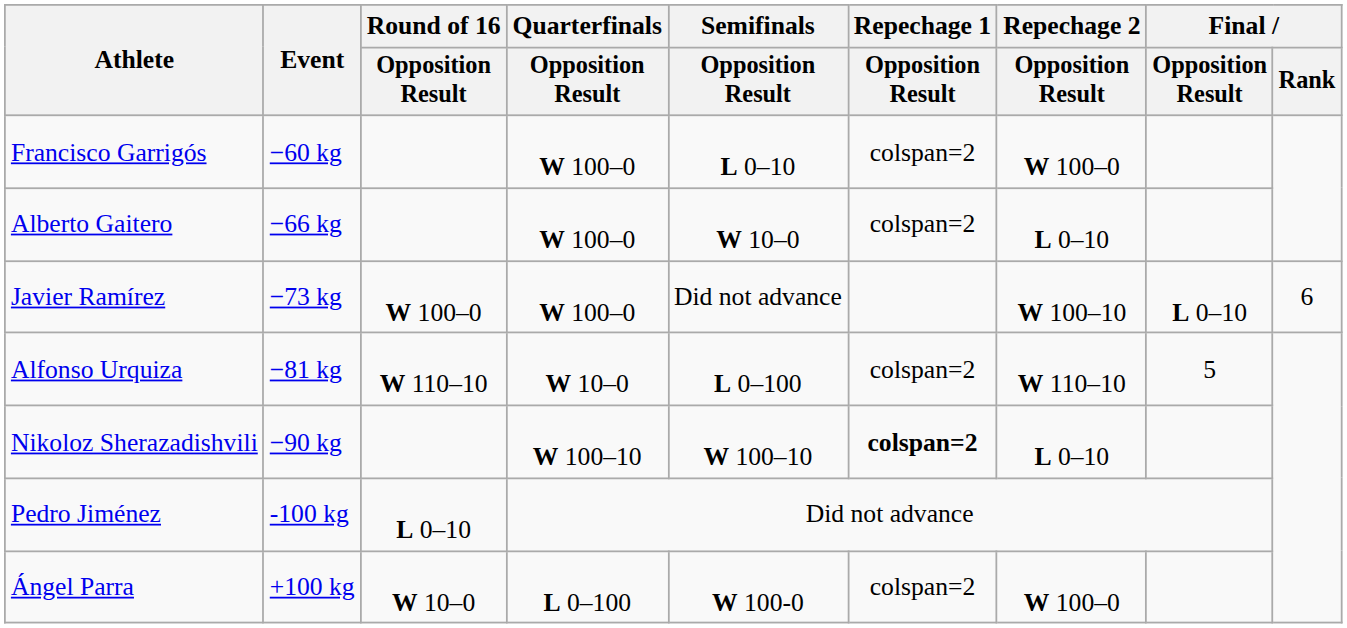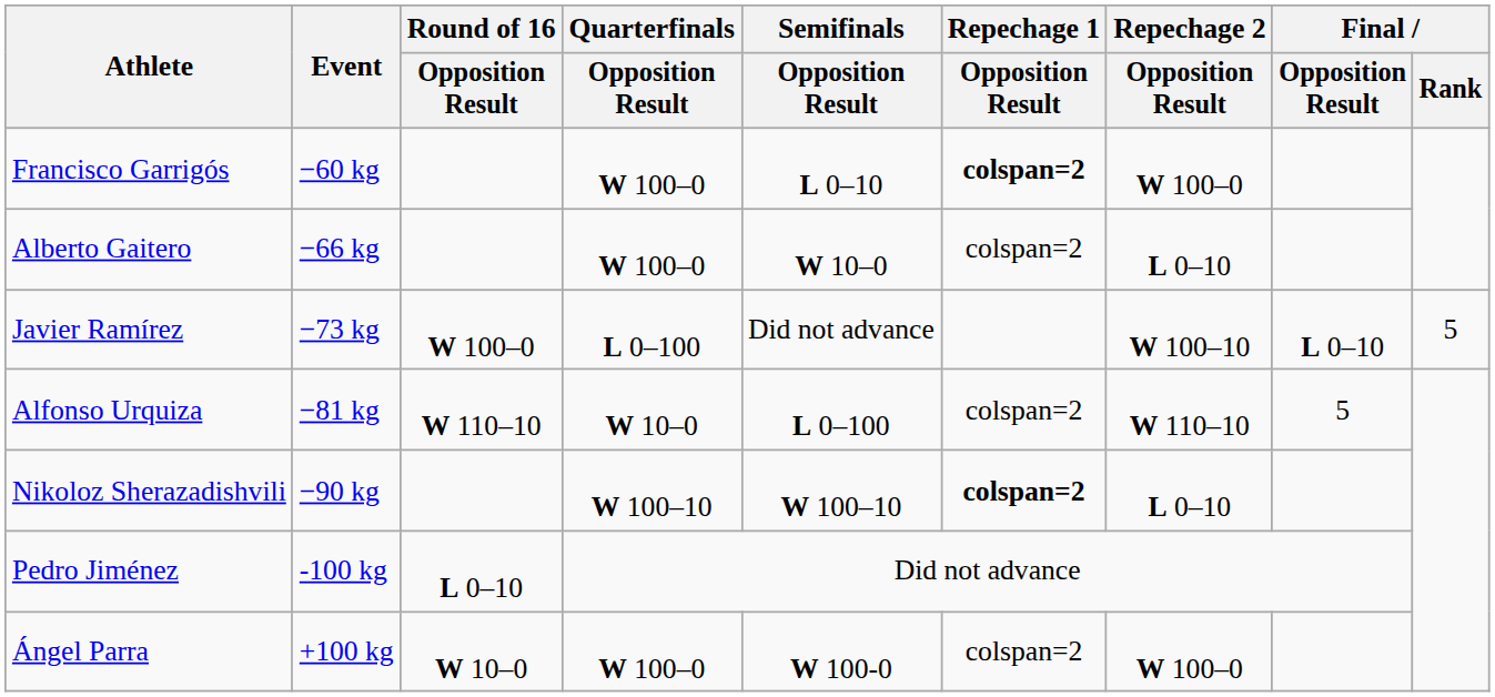 <table class="wikitable" style="font-size:90%">
 <tr>
 <th rowspan="2">Athlete</th>
 <th rowspan="2">Event</th>
 <th>Round of 16</th>
 <th>Quarterfinals</th>
 <th>Semifinals</th>
 <th>Repechage 1</th>
 <th>Repechage 2</th>
 <th colspan=2>Final / </th>
 </tr>
 <tr style="font-size:95%">
 <th>Opposition<br>Result</th>
 <th>Opposition<br>Result</th>
 <th>Opposition<br>Result</th>
 <th>Opposition<br>Result</th>
 <th>Opposition<br>Result</th>
 <th>Opposition<br>Result</th>
 <th>Rank</th>
 </tr>
 <tr align=center>
 <td align=left><a href='#'>Francisco Garrigós</a></td>
 <td align=left><a href='#'>−60 kg</a></td>
 <td></td>
 <td><br><strong>W</strong> 100–0</td>
 <td><br><strong>L</strong> 0–10</td>
-<td>colspan=2 </td>
+<td><strong>colspan=2 </strong></td>
 <td><br><strong>W</strong> 100–0</td>
 <td></td>
 </tr>
 <tr align=center>
 <td align=left><a href='#'>Alberto Gaitero</a></td>
 <td align=left><a href='#'>−66 kg</a></td>
 <td></td>
 <td><br><strong>W</strong> 100–0</td>
 <td><br><strong>W</strong> 10–0</td>
 <td>colspan=2 </td>
 <td><br><strong>L</strong> 0–10</td>
 <td></td>
 </tr>
 <tr align=center>
 <td align=left><a href='#'>Javier Ramírez</a></td>
 <td align=left><a href='#'>−73 kg</a></td>
 <td><br><strong>W</strong> 100–0</td>
-<td><br><strong>W</strong> 100–0</td>
+<td><br><strong>L</strong> 0–100</td>
 <td>Did not advance</td>
 <td></td>
 <td><br><strong>W</strong> 100–10</td>
 <td><br><strong>L</strong> 0–10</td>
-<td>6</td>
+<td>5</td>
 </tr>
 <tr align=center>
 <td align=left><a href='#'>Alfonso Urquiza</a></td>
 <td align=left><a href='#'>−81 kg</a></td>
 <td><br><strong>W</strong> 110–10</td>
 <td><br><strong>W</strong> 10–0</td>
 <td><br><strong>L</strong> 0–100</td>
 <td>colspan=2 </td>
 <td><br><strong>W</strong> 110–10</td>
 <td>5</td>
 </tr>
 <tr align=center>
 <td align=left><a href='#'>Nikoloz Sherazadishvili</a></td>
 <td align=left><a href='#'>−90 kg</a></td>
 <td></td>
 <td><br><strong>W</strong> 100–10</td>
 <td><br><strong>W</strong> 100–10</td>
 <td><strong>colspan=2 </strong></td>
 <td><br><strong>L</strong> 0–10</td>
 <td></td>
 </tr>
 <tr align=center>
 <td align=left><a href='#'>Pedro Jiménez</a></td>
 <td align=left><a href='#'>-100 kg</a></td>
 <td><br><strong>L</strong> 0–10</td>
 <td colspan=5>Did not advance</td>
 </tr>
 <tr align=center>
 <td align=left><a href='#'>Ángel Parra</a></td>
 <td align=left><a href='#'>+100 kg</a></td>
 <td><br><strong>W</strong> 10–0</td>
-<td><br><strong>L</strong> 0–100</td>
+<td><br><strong>W</strong> 100–0</td>
 <td><br><strong>W</strong> 100-0</td>
 <td>colspan=2 </td>
 <td><br><strong>W</strong> 100–0</td>
 <td></td>
 </tr>
 </table>
